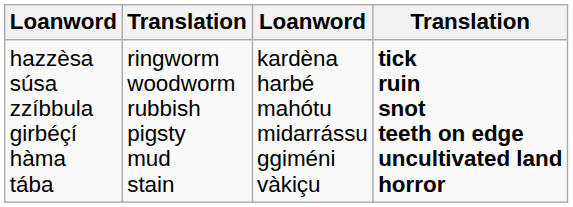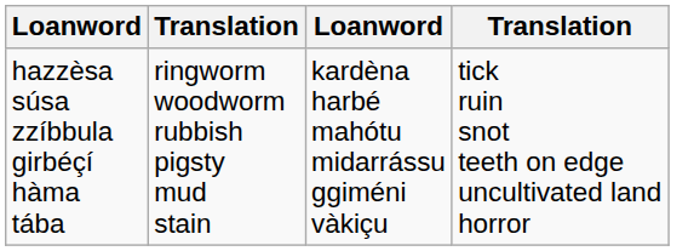 <table class="wikitable">
 <tr>
 <th>Loanword</th>
 <th>Translation</th>
 <th>Loanword</th>
 <th>Translation</th>
 </tr>
 <tr>
 <td>hazzèsa <br> súsa<br> zzíbbula <br> girbéçí <br> hàma <br> tába</td>
 <td>ringworm <br> woodworm <br> rubbish <br> pigsty <br> mud <br> stain</td>
 <td>kardèna <br> harbé <br>mahótu <br> midarrássu  <br> ggiméni <br>vàkiçu</td>
-<td><strong>tick <br> ruin <br> snot <br> teeth on edge  <br> uncultivated land <br> horror</strong></td>
+<td>tick <br> ruin <br> snot <br> teeth on edge  <br> uncultivated land <br> horror</td>
 </tr>
 </table>
